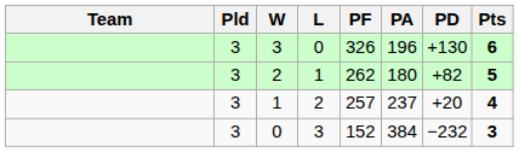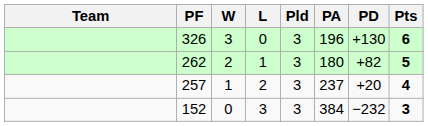 <table class=wikitable style="text-align:center">
 <tr>
 <th width=180>Team</th>
-<th width=30>Pld</th>
+<th width=30>PF</th>
 <th width=30>W</th>
 <th width=30>L</th>
-<th width=30>PF</th>
+<th width=30>Pld</th>
 <th width=30>PA</th>
 <th width=30>PD</th>
 <th width=30>Pts</th>
 </tr>
 <tr bgcolor="#ccffcc">
 <td align="left"></td>
-<td>3</td>
+<td>326</td>
 <td>3</td>
 <td>0</td>
-<td>326</td>
+<td>3</td>
 <td>196</td>
 <td>+130</td>
 <td><strong>6</strong></td>
 </tr>
 <tr bgcolor="#ccffcc">
 <td align="left"></td>
-<td>3</td>
+<td>262</td>
 <td>2</td>
 <td>1</td>
-<td>262</td>
+<td>3</td>
 <td>180</td>
 <td>+82</td>
 <td><strong>5</strong></td>
 </tr>
 <tr>
 <td align="left"></td>
-<td>3</td>
+<td>257</td>
 <td>1</td>
 <td>2</td>
-<td>257</td>
+<td>3</td>
 <td>237</td>
 <td>+20</td>
 <td><strong>4</strong></td>
 </tr>
 <tr>
 <td align="left"></td>
-<td>3</td>
+<td>152</td>
 <td>0</td>
 <td>3</td>
-<td>152</td>
+<td>3</td>
 <td>384</td>
 <td>−232</td>
 <td><strong>3</strong></td>
 </tr>
 </table>
